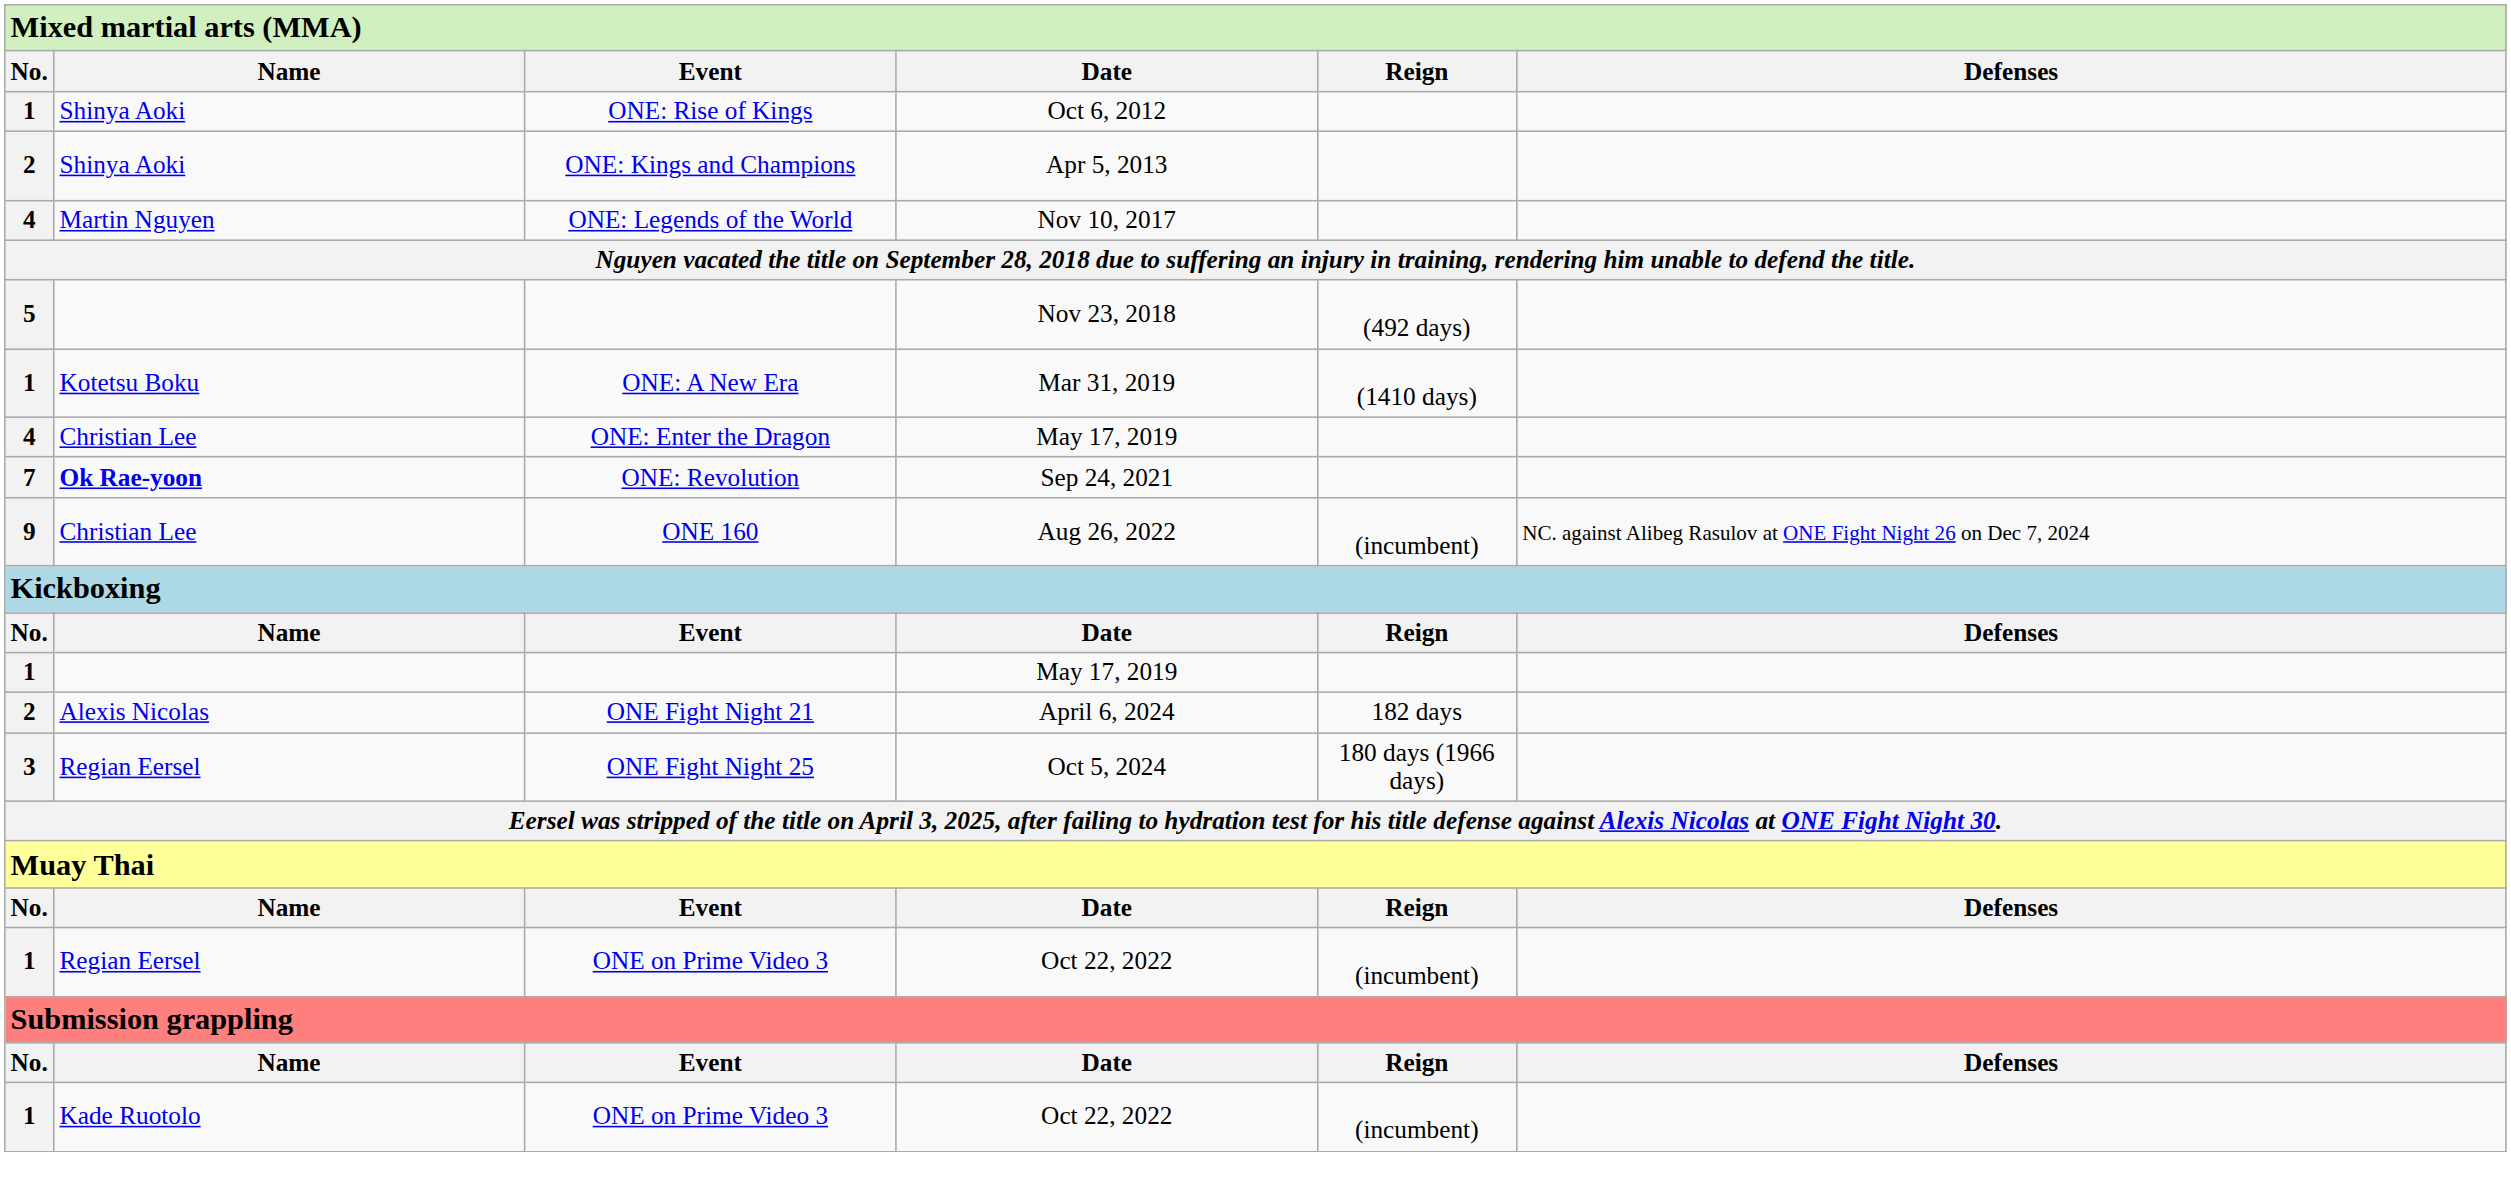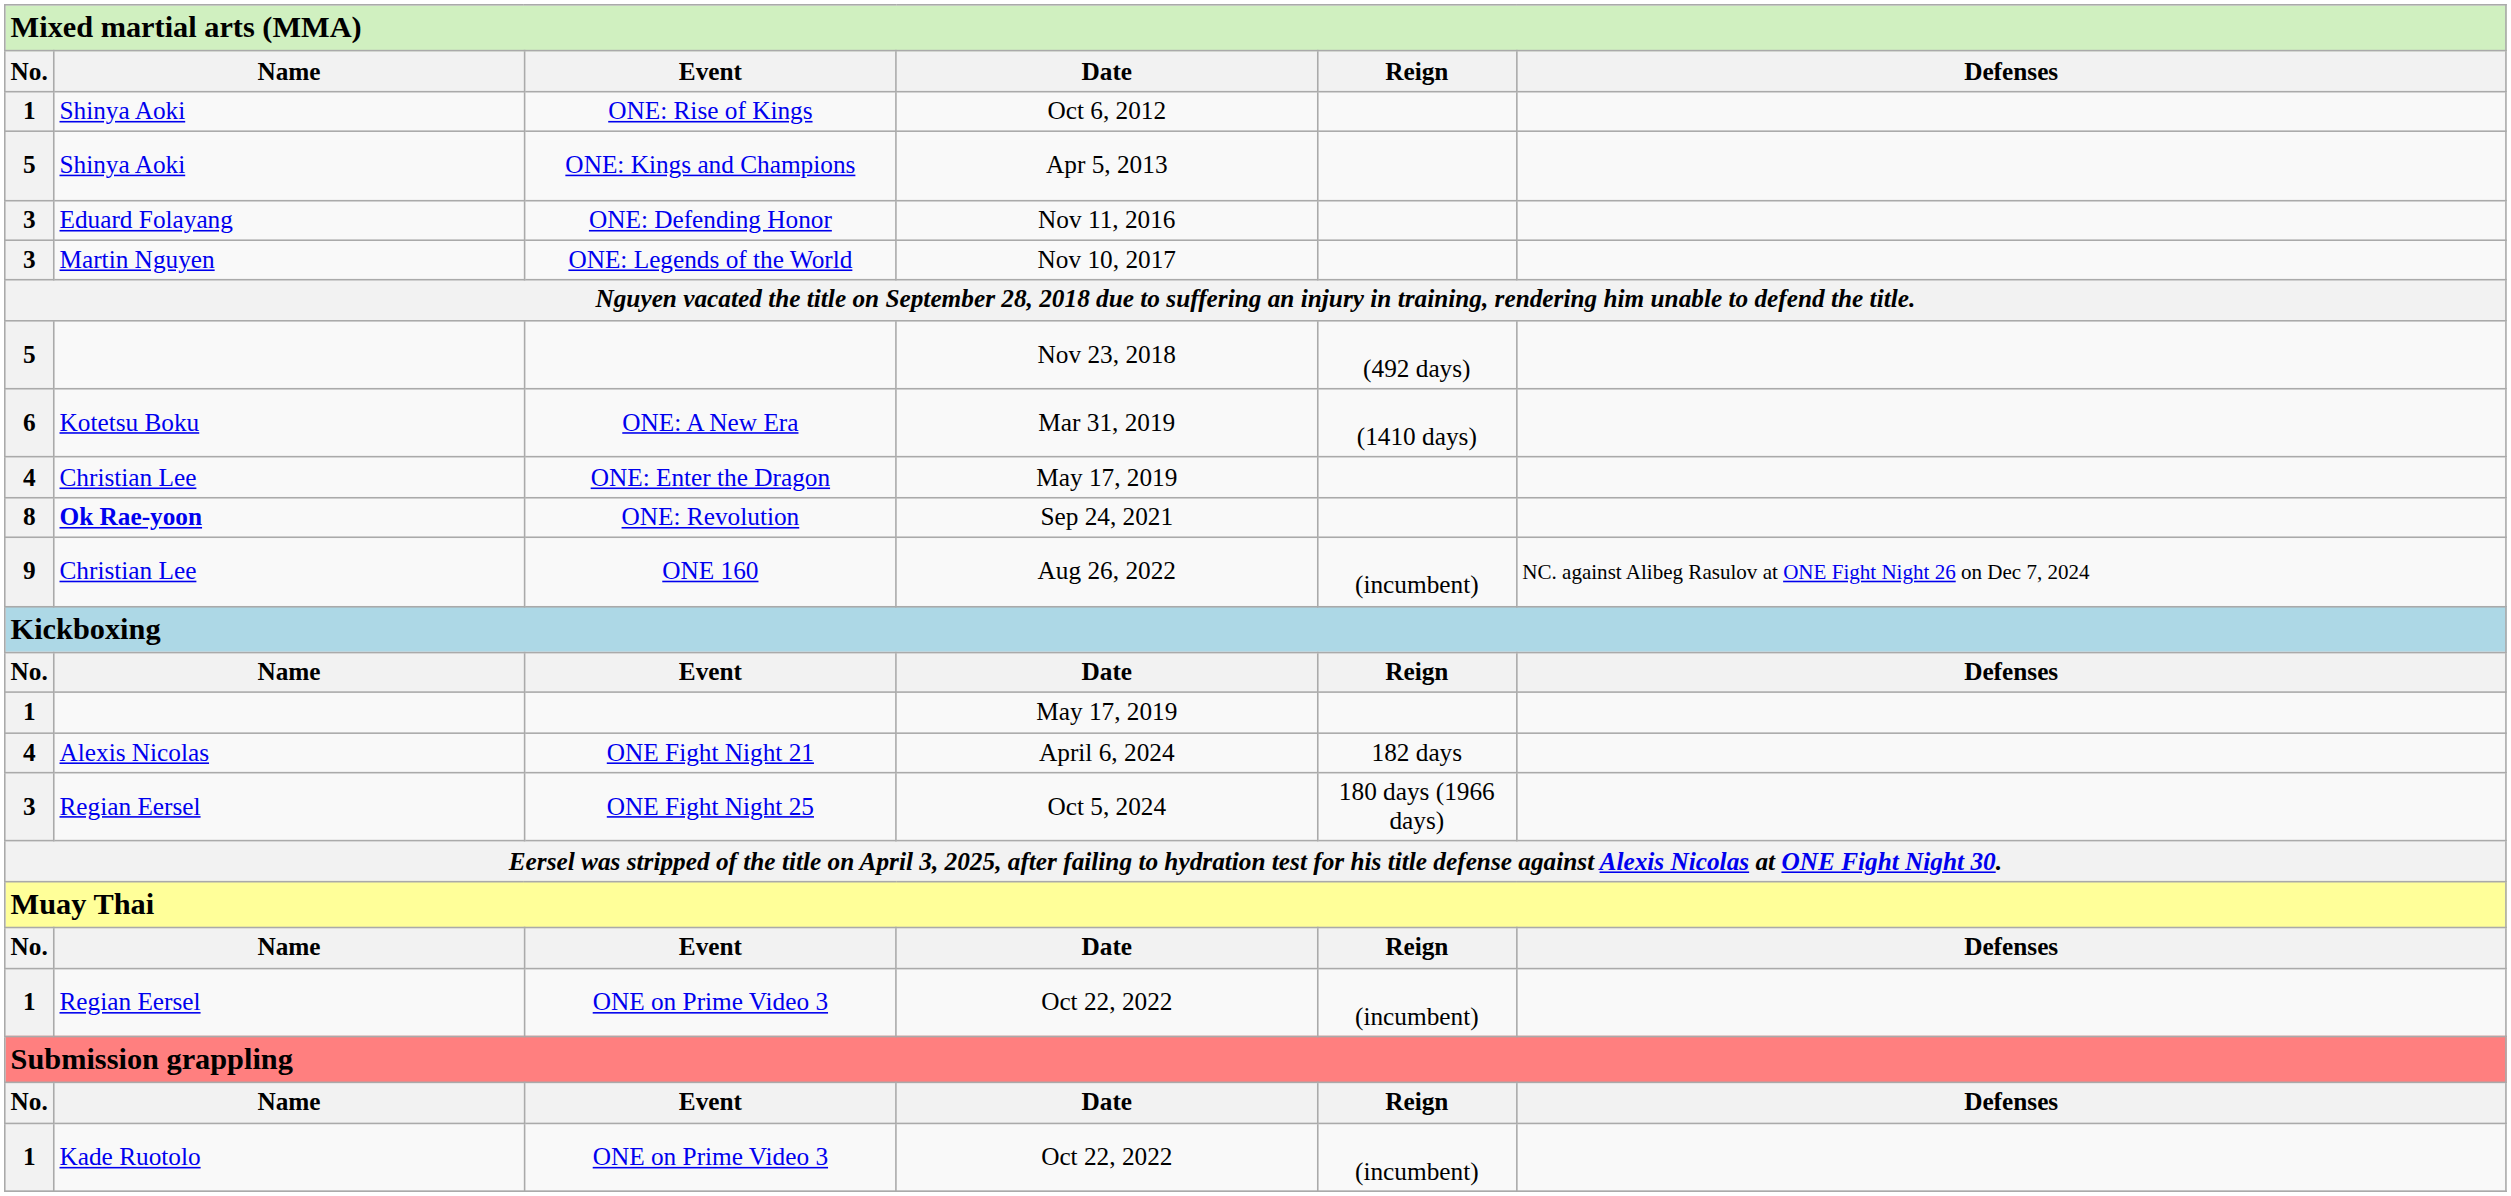 <table class="wikitable" width=100%>
 <tr>
 <td align=left colspan="6" bgcolor="#D0F0C0"><big><strong>Mixed martial arts (MMA)</strong></big></td>
 </tr>
 <tr>
 <th width=1%>No.</th>
 <th width=19%>Name</th>
 <th width=15%>Event</th>
 <th width=17%>Date</th>
 <th width=8%>Reign</th>
 <th width=40%>Defenses</th>
 </tr>
 <tr>
 <th>1</th>
 <td> <a href='#'>Shinya Aoki</a> </td>
 <td align=center><a href='#'>ONE: Rise of Kings</a><br></td>
 <td align=center>Oct 6, 2012</td>
 <td align=center></td>
 <td></td>
 </tr>
 <tr>
-<th>2</th>
+<th>5</th>
 <td> <a href='#'>Shinya Aoki</a></td>
 <td align=center><a href='#'>ONE: Kings and Champions</a><br></td>
 <td align=center>Apr 5, 2013</td>
 <td align=center></td>
 <td><br><br> </td>
 </tr>
 <tr>
-<th>4</th>
+<th>3</th>
+<td> <a href='#'>Eduard Folayang</a></td>
+<td align=center><a href='#'>ONE: Defending Honor</a><br></td>
+<td align=center>Nov 11, 2016</td>
+<td align=center></td>
+<td><br></td>
+</tr>
+<tr>
+<th>3</th>
 <td> <a href='#'>Martin Nguyen</a></td>
 <td align=center><a href='#'>ONE: Legends of the World</a><br></td>
 <td align=center>Nov 10, 2017</td>
 <td align=center></td>
 <td></td>
 </tr>
 <tr>
 <th colspan=6 align=center><em>Nguyen vacated the title on September 28, 2018 due to suffering an injury in training, rendering him unable to defend the title.</em></th>
 </tr>
 <tr>
 <th>5</th>
 <td><br></td>
 <td align=center><br></td>
 <td align=center>Nov 23, 2018</td>
 <td align=center><br> (492 days)</td>
 <td></td>
 </tr>
 <tr>
-<th>1</th>
+<th>6</th>
 <td> <a href='#'>Kotetsu Boku</a><br></td>
 <td align=center><a href='#'>ONE: A New Era</a><br></td>
 <td align=center>Mar 31, 2019</td>
 <td align=center><br>(1410 days)</td>
 <td></td>
 </tr>
 <tr>
 <th>4</th>
 <td> <a href='#'>Christian Lee</a></td>
 <td align=center><a href='#'>ONE: Enter the Dragon</a><br></td>
 <td align=center>May 17, 2019</td>
 <td align=center></td>
 <td><br></td>
 </tr>
 <tr>
-<th>7</th>
+<th>8</th>
 <td><strong> <a href='#'>Ok Rae-yoon</a></strong></td>
 <td align=center><a href='#'>ONE: Revolution</a><br></td>
 <td align=center>Sep 24, 2021</td>
 <td align=center></td>
 <td></td>
 </tr>
 <tr>
 <th>9</th>
 <td> <a href='#'>Christian Lee</a> </td>
 <td align=center><a href='#'>ONE 160</a><br></td>
 <td align=center>Aug 26, 2022</td>
 <td align=center><br>(incumbent)<br></td>
 <td><small>NC. against Alibeg Rasulov at <a href='#'>ONE Fight Night 26</a> on Dec 7, 2024</small></td>
 </tr>
 <tr>
 <td align=left colspan="6" bgcolor="#ADD8E6"><big><strong>Kickboxing</strong></big></td>
 </tr>
 <tr>
 <th width=1%>No.</th>
 <th width=19%>Name</th>
 <th width=15%>Event</th>
 <th width=17%>Date</th>
 <th width=8%>Reign</th>
 <th width=40%>Defenses</th>
 </tr>
 <tr>
 <th>1</th>
 <td><br></td>
 <td align=center><br></td>
 <td align=center>May 17, 2019</td>
 <td align=center><br></td>
 <td><br></td>
 </tr>
 <tr>
-<th>2</th>
+<th>4</th>
 <td> <a href='#'>Alexis Nicolas</a></td>
 <td align=center><a href='#'>ONE Fight Night 21</a><br></td>
 <td align=center>April 6, 2024</td>
 <td align=center>182 days</td>
 <td></td>
 </tr>
 <tr>
 <th>3</th>
 <td> <a href='#'>Regian Eersel</a> </td>
 <td align=center><a href='#'>ONE Fight Night 25</a><br></td>
 <td align=center>Oct 5, 2024</td>
 <td align=center>180 days (1966 days)</td>
 <td></td>
 </tr>
 <tr>
 <th colspan=6 align=center><em>Eersel was stripped of the title on April 3, 2025, after failing to hydration test for his title defense against <a href='#'>Alexis Nicolas</a> at <a href='#'>ONE Fight Night 30</a>.</em></th>
 </tr>
 <tr>
 <td align=left colspan="6" bgcolor="#FFFF99"><big><strong>Muay Thai</strong></big></td>
 </tr>
 <tr>
 <th width=1%>No.</th>
 <th width=19%>Name</th>
 <th width=15%>Event</th>
 <th width=17%>Date</th>
 <th width=8%>Reign</th>
 <th width=40%>Defenses</th>
 </tr>
 <tr>
 <th>1</th>
 <td> <a href='#'>Regian Eersel</a><br></td>
 <td align=center><a href='#'>ONE on Prime Video 3</a><br></td>
 <td align=center>Oct 22, 2022</td>
 <td align=center><br>(incumbent)<br></td>
 <td><br></td>
 </tr>
 <tr>
 <td align=left colspan="6" bgcolor="#FF7F7F"><big><strong>Submission grappling</strong></big></td>
 </tr>
 <tr>
 <th width=1%>No.</th>
 <th width=19%>Name</th>
 <th width=15%>Event</th>
 <th width=17%>Date</th>
 <th width=8%>Reign</th>
 <th width=40%>Defenses</th>
 </tr>
 <tr>
 <th>1</th>
 <td> <a href='#'>Kade Ruotolo</a><br></td>
 <td align=center><a href='#'>ONE on Prime Video 3</a><br></td>
 <td align=center>Oct 22, 2022</td>
 <td align=center><br>(incumbent)<br></td>
 <td><br></td>
 </tr>
 <tr>
 </tr>
 </table>
